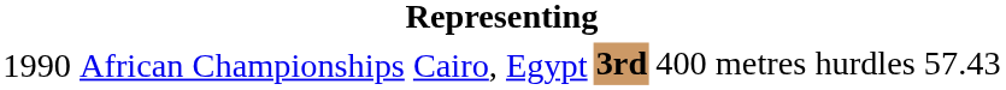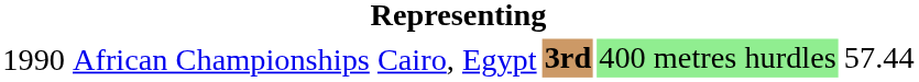 <table>
 <tr>
 <th colspan="6">Representing </th>
 </tr>
 <tr>
 <td rowspan=3>1990</td>
 <td rowspan=2><a href='#'>African Championships</a></td>
 <td rowspan=2><a href='#'>Cairo</a>, <a href='#'>Egypt</a></td>
 <td bgcolor="cc9966"><strong>3rd</strong></td>
-<td>400 metres hurdles</td>
-<td>57.43</td>
+<td style="background: lightgreen;">400 metres hurdles</td>
+<td>57.44</td>
 </tr>
 <tr>
 </tr>
 </table>
